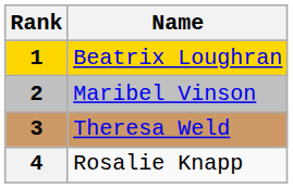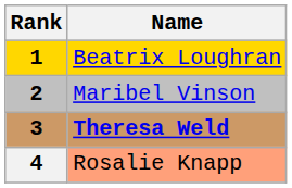 <table class="wikitable">
 <tr>
 <th>Rank</th>
 <th>Name</th>
 </tr>
 <tr bgcolor="gold">
 <td align="center"><strong>1</strong></td>
 <td><a href='#'>Beatrix Loughran</a></td>
 </tr>
 <tr bgcolor="silver">
 <td align="center"><strong>2</strong></td>
 <td><a href='#'>Maribel Vinson</a></td>
 </tr>
 <tr bgcolor="cc9966">
 <td align="center"><strong>3</strong></td>
-<td><a href='#'>Theresa Weld</a></td>
+<td><strong><a href='#'>Theresa Weld</a></strong></td>
 </tr>
 <tr>
 <th>4</th>
-<td>Rosalie Knapp</td>
+<td style="background: lightsalmon;">Rosalie Knapp</td>
 </tr>
 </table>
